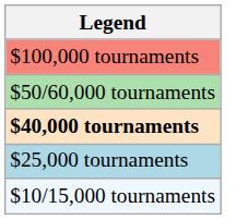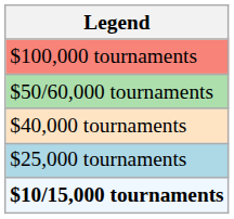 <table class=wikitable style="font-size:85%">
 <tr>
 <th>Legend</th>
 </tr>
 <tr style="background:#f88379;">
 <td>$100,000 tournaments</td>
 </tr>
 <tr style="background:#addfad;">
 <td>$50/60,000 tournaments</td>
 </tr>
 <tr style="background:#ffe4c4;">
-<td><strong>$40,000 tournaments</strong></td>
+<td>$40,000 tournaments</td>
 </tr>
 <tr style="background:lightblue;">
 <td>$25,000 tournaments</td>
 </tr>
 <tr style="background:#f0f8ff;">
-<td>$10/15,000 tournaments</td>
+<td><strong>$10/15,000 tournaments</strong></td>
 </tr>
 </table>
